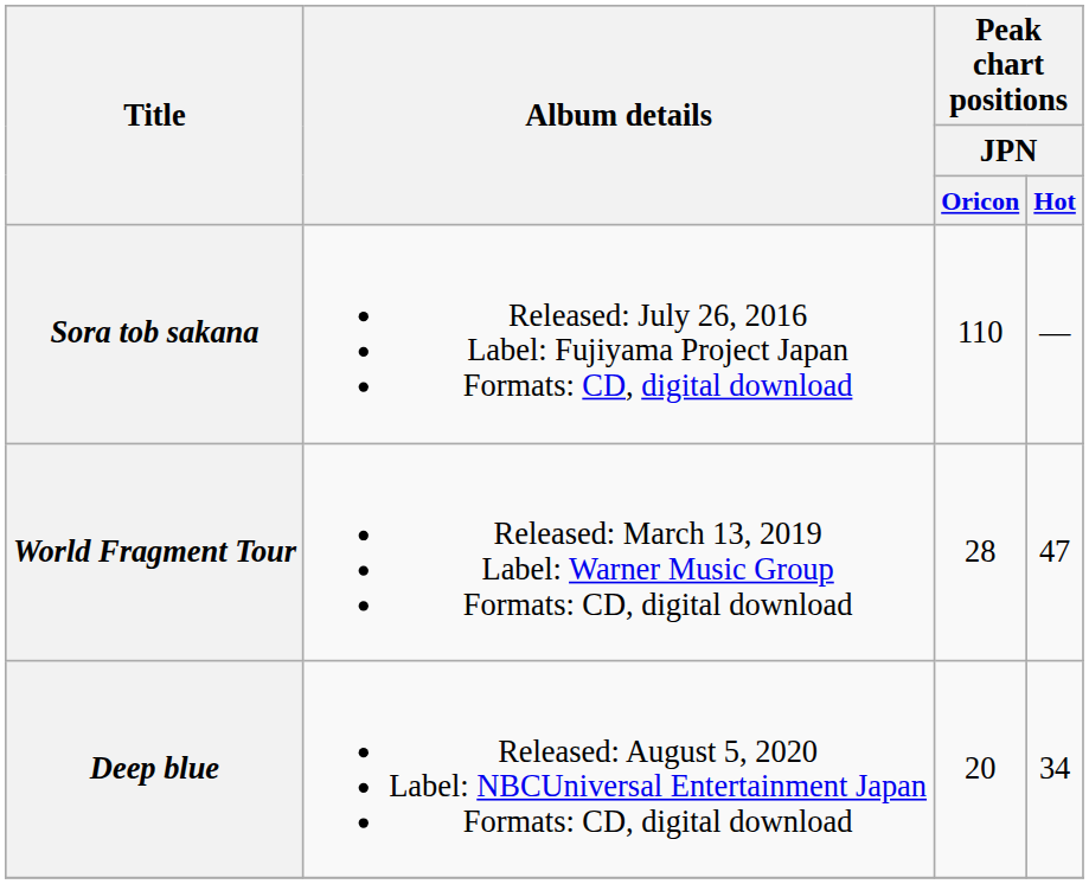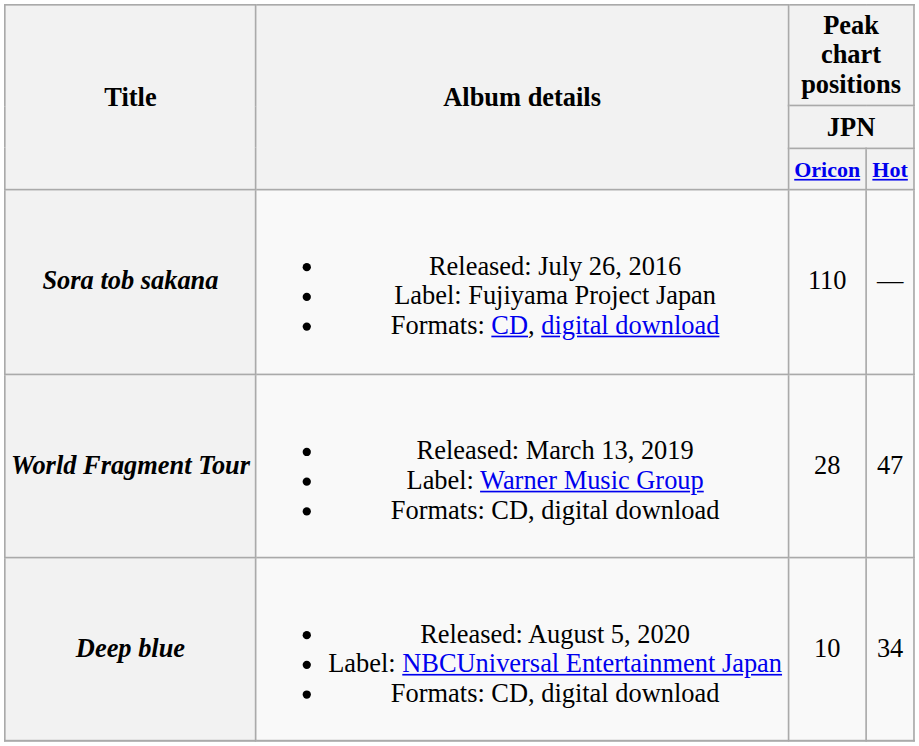 <table class="wikitable plainrowheaders" style="text-align:center;">
 <tr>
 <th scope="col" rowspan="3">Title</th>
 <th scope="col" rowspan="3">Album details</th>
 <th scope="col" colspan="2">Peak <br> chart <br> positions</th>
 </tr>
 <tr>
 <th colspan="2">JPN</th>
 </tr>
 <tr>
 <th scope="col" colspan="1"><small><a href='#'>Oricon</a></small></th>
 <th scope="col" colspan="1"><small><a href='#'>Hot</a></small></th>
 </tr>
 <tr>
 <th scope="row"><em>Sora tob sakana</em></th>
 <td><br><ul><li>Released: July 26, 2016</li><li>Label: Fujiyama Project Japan</li><li>Formats: <a href='#'>CD</a>, <a href='#'>digital download</a></li></ul></td>
 <td>110</td>
 <td>—</td>
 </tr>
 <tr>
 <th scope="row"><em>World Fragment Tour</em></th>
 <td><br><ul><li>Released: March 13, 2019</li><li>Label: <a href='#'>Warner Music Group</a></li><li>Formats: CD, digital download</li></ul></td>
 <td>28</td>
 <td>47</td>
 </tr>
 <tr>
 <th scope="row"><em>Deep blue</em></th>
 <td><br><ul><li>Released: August 5, 2020</li><li>Label: <a href='#'>NBCUniversal Entertainment Japan</a></li><li>Formats: CD, digital download</li></ul></td>
-<td>20</td>
+<td>10</td>
 <td>34</td>
 </tr>
 <tr>
 </tr>
 </table>
